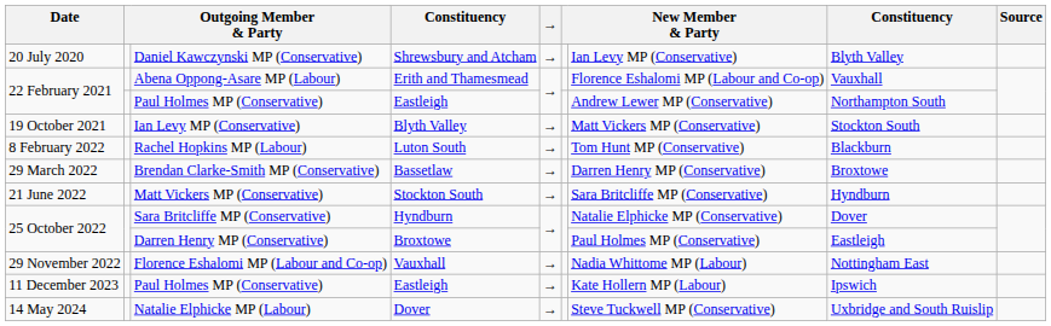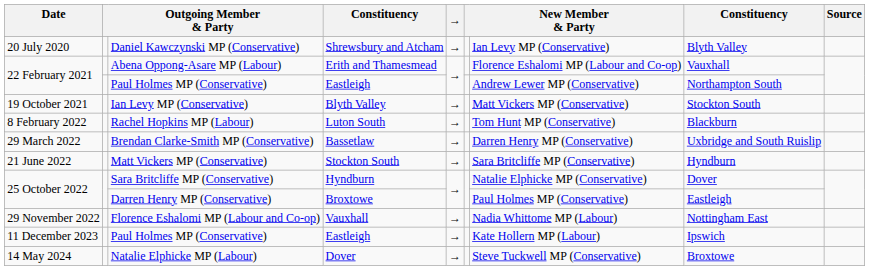 <table class="wikitable">
 <tr>
 <th valign="top">Date</th>
 <th colspan="2" valign="top">Outgoing Member<br>& Party</th>
 <th valign="top">Constituency</th>
 <th>→</th>
 <th colspan="2" valign="top">New Member<br>& Party</th>
 <th valign="top">Constituency</th>
 <th valign="top">Source</th>
 </tr>
 <tr>
 <td>20 July 2020</td>
 <td style="color:inherit;background:"></td>
 <td><a href='#'>Daniel Kawczynski</a> MP (<a href='#'>Conservative</a>)</td>
 <td><a href='#'>Shrewsbury and Atcham</a></td>
 <td>→</td>
 <td style="color:inherit;background:"></td>
 <td><a href='#'>Ian Levy</a> MP (<a href='#'>Conservative</a>)</td>
 <td><a href='#'>Blyth Valley</a></td>
 <td></td>
 </tr>
 <tr>
 <td rowspan=2>22 February 2021</td>
 <td style="color:inherit;background:"></td>
 <td><a href='#'>Abena Oppong-Asare</a> MP (<a href='#'>Labour</a>)</td>
 <td><a href='#'>Erith and Thamesmead</a></td>
 <td rowspan=2>→</td>
 <td style="color:inherit;background:"></td>
 <td><a href='#'>Florence Eshalomi</a> MP (<a href='#'>Labour and Co-op</a>)</td>
 <td><a href='#'>Vauxhall</a></td>
 <td rowspan=2></td>
 </tr>
 <tr>
 <td style="color:inherit;background:"></td>
 <td><a href='#'>Paul Holmes</a> MP (<a href='#'>Conservative</a>)</td>
 <td><a href='#'>Eastleigh</a></td>
 <td style="color:inherit;background:"></td>
 <td><a href='#'>Andrew Lewer</a> MP (<a href='#'>Conservative</a>)</td>
 <td><a href='#'>Northampton South</a></td>
 </tr>
 <tr>
 <td>19 October 2021</td>
 <td style="color:inherit;background:"></td>
 <td><a href='#'>Ian Levy</a> MP (<a href='#'>Conservative</a>)</td>
 <td><a href='#'>Blyth Valley</a></td>
 <td>→</td>
 <td style="color:inherit;background:"></td>
 <td><a href='#'>Matt Vickers</a> MP (<a href='#'>Conservative</a>)</td>
 <td><a href='#'>Stockton South</a></td>
 <td></td>
 </tr>
 <tr>
 <td>8 February 2022</td>
 <td style="color:inherit;background:"></td>
 <td><a href='#'>Rachel Hopkins</a> MP (<a href='#'>Labour</a>)</td>
 <td><a href='#'>Luton South</a></td>
 <td>→</td>
 <td style="color:inherit;background:"></td>
 <td><a href='#'>Tom Hunt</a> MP (<a href='#'>Conservative</a>)</td>
 <td><a href='#'>Blackburn</a></td>
 <td></td>
 </tr>
 <tr>
 <td>29 March 2022</td>
 <td style="color:inherit;background:"></td>
 <td><a href='#'>Brendan Clarke-Smith</a> MP (<a href='#'>Conservative</a>)</td>
 <td><a href='#'>Bassetlaw</a></td>
 <td>→</td>
 <td style="color:inherit;background:"></td>
 <td><a href='#'>Darren Henry</a> MP (<a href='#'>Conservative</a>)</td>
-<td><a href='#'>Broxtowe</a></td>
+<td><a href='#'>Uxbridge and South Ruislip</a></td>
 <td></td>
 </tr>
 <tr>
 <td>21 June 2022</td>
 <td style="color:inherit;background:"></td>
 <td><a href='#'>Matt Vickers</a> MP (<a href='#'>Conservative</a>)</td>
 <td><a href='#'>Stockton South</a></td>
 <td>→</td>
 <td style="color:inherit;background:"></td>
 <td><a href='#'>Sara Britcliffe</a> MP (<a href='#'>Conservative</a>)</td>
 <td><a href='#'>Hyndburn</a></td>
 <td></td>
 </tr>
 <tr>
 <td rowspan=2>25 October 2022</td>
 <td rowspan=2 style="color:inherit;background:"></td>
 <td><a href='#'>Sara Britcliffe</a> MP (<a href='#'>Conservative</a>)</td>
 <td><a href='#'>Hyndburn</a></td>
 <td rowspan=2>→</td>
 <td rowspan=2 style="color:inherit;background:"></td>
 <td><a href='#'>Natalie Elphicke</a> MP (<a href='#'>Conservative</a>)</td>
 <td><a href='#'>Dover</a></td>
 <td rowspan=2></td>
 </tr>
 <tr>
 <td><a href='#'>Darren Henry</a> MP (<a href='#'>Conservative</a>)</td>
 <td><a href='#'>Broxtowe</a></td>
 <td><a href='#'>Paul Holmes</a> MP (<a href='#'>Conservative</a>)</td>
 <td><a href='#'>Eastleigh</a></td>
 </tr>
 <tr>
 <td>29 November 2022</td>
 <td style="color:inherit;background:"></td>
 <td><a href='#'>Florence Eshalomi</a> MP (<a href='#'>Labour and Co-op</a>)</td>
 <td><a href='#'>Vauxhall</a></td>
 <td>→</td>
 <td style="color:inherit;background:"></td>
 <td><a href='#'>Nadia Whittome</a> MP (<a href='#'>Labour</a>)</td>
 <td><a href='#'>Nottingham East</a></td>
 <td></td>
 </tr>
 <tr>
 <td>11 December 2023</td>
 <td style="color:inherit;background:"></td>
 <td><a href='#'>Paul Holmes</a> MP (<a href='#'>Conservative</a>)</td>
 <td><a href='#'>Eastleigh</a></td>
 <td>→</td>
 <td style="color:inherit;background:"></td>
 <td><a href='#'>Kate Hollern</a> MP (<a href='#'>Labour</a>)</td>
 <td><a href='#'>Ipswich</a></td>
 <td></td>
 </tr>
 <tr>
 <td>14 May 2024</td>
 <td style="color:inherit;background:"></td>
 <td><a href='#'>Natalie Elphicke</a> MP (<a href='#'>Labour</a>)</td>
 <td><a href='#'>Dover</a></td>
 <td>→</td>
 <td style="color:inherit;background:"></td>
 <td><a href='#'>Steve Tuckwell</a> MP (<a href='#'>Conservative</a>)</td>
-<td><a href='#'>Uxbridge and South Ruislip</a></td>
+<td><a href='#'>Broxtowe</a></td>
 <td></td>
 </tr>
 </table>
